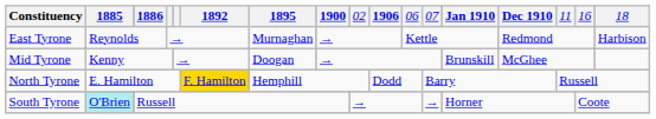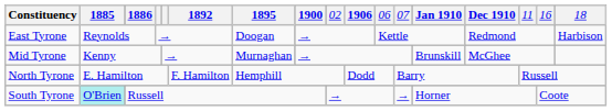 <table class="wikitable" style="border-collapse: separate; border-spacing: 0;">
 <tr>
 <th>Constituency</th>
 <th><a href='#'>1885</a></th>
 <th><a href='#'>1886</a></th>
 <th style="font-weight: normal;"><em></em></th>
 <th style="font-weight: normal;"><em></em></th>
 <th><a href='#'>1892</a></th>
 <th><a href='#'>1895</a></th>
 <th><a href='#'>1900</a></th>
 <th style="font-weight: normal;"><em><a href='#'>02</a></em></th>
 <th><a href='#'>1906</a></th>
 <th style="font-weight: normal;"><em><a href='#'>06</a></em></th>
 <th style="font-weight: normal;"><em><a href='#'>07</a></em></th>
 <th><a href='#'>Jan 1910</a></th>
 <th><a href='#'>Dec 1910</a></th>
 <th style="font-weight: normal;"><em><a href='#'>11</a></em></th>
 <th style="font-weight: normal;"><em><a href='#'>16</a></em></th>
 <th style="font-weight: normal;"><em><a href='#'>18</a></em></th>
 </tr>
 <tr>
 <td><a href='#'>East Tyrone</a></td>
 <td colspan="2"><a href='#'>Reynolds</a></td>
 <td colspan="3"><a href='#'>→</a></td>
-<td><a href='#'>Murnaghan</a></td>
+<td><a href='#'>Doogan</a></td>
 <td colspan="3"><a href='#'>→</a></td>
 <td colspan="3"><a href='#'>Kettle</a></td>
 <td colspan="3"><a href='#'>Redmond</a></td>
 <td><a href='#'>Harbison</a></td>
 </tr>
 <tr>
 <td><a href='#'>Mid Tyrone</a></td>
 <td colspan="3"><a href='#'>Kenny</a></td>
 <td colspan="2"><a href='#'>→</a></td>
-<td><a href='#'>Doogan</a></td>
+<td><a href='#'>Murnaghan</a></td>
 <td colspan="5"><a href='#'>→</a></td>
 <td><a href='#'>Brunskill</a></td>
 <td colspan="3"><a href='#'>McGhee</a></td>
 <td></td>
 </tr>
 <tr>
 <td><a href='#'>North Tyrone</a></td>
 <td colspan="4"><a href='#'>E. Hamilton</a></td>
-<td style="background: gold;"><a href='#'>F. Hamilton</a></td>
+<td><a href='#'>F. Hamilton</a></td>
 <td colspan="3"><a href='#'>Hemphill</a></td>
 <td colspan="2"><a href='#'>Dodd</a></td>
 <td colspan="3"><a href='#'>Barry</a></td>
 <td colspan="3"><a href='#'>Russell</a></td>
 </tr>
 <tr>
 <td><a href='#'>South Tyrone</a></td>
 <td style="background: paleturquoise;"><a href='#'>O'Brien</a></td>
 <td colspan="6"><a href='#'>Russell</a></td>
 <td colspan="3"><a href='#'>→</a></td>
 <td><a href='#'>→</a></td>
 <td colspan="3"><a href='#'>Horner</a></td>
 <td colspan="2"><a href='#'>Coote</a></td>
 </tr>
 </table>
